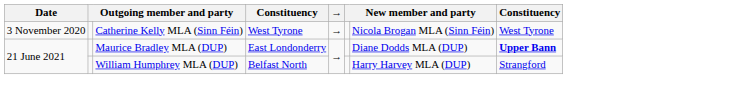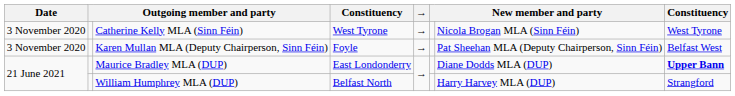 <table class="wikitable">
 <tr>
 <th valign="top">Date</th>
 <th colspan="2" valign="top">Outgoing member and party</th>
 <th valign="top">Constituency</th>
 <th>→</th>
 <th colspan="2" valign="top">New member and party</th>
 <th valign="top">Constituency</th>
 </tr>
 <tr>
 <td>3 November 2020</td>
 <td></td>
 <td><a href='#'>Catherine Kelly</a> MLA (<a href='#'>Sinn Féin</a>)</td>
 <td><a href='#'>West Tyrone</a></td>
 <td>→</td>
 <td></td>
 <td><a href='#'>Nicola Brogan</a> MLA (<a href='#'>Sinn Féin</a>)</td>
 <td><a href='#'>West Tyrone</a></td>
 </tr>
 <tr>
+<td>3 November 2020</td>
+<td></td>
+<td><a href='#'>Karen Mullan</a> MLA (Deputy Chairperson, <a href='#'>Sinn Féin</a>)</td>
+<td><a href='#'>Foyle</a></td>
+<td>→</td>
+<td></td>
+<td><a href='#'>Pat Sheehan</a> MLA (Deputy Chairperson, <a href='#'>Sinn Féin</a>)</td>
+<td><a href='#'>Belfast West</a></td>
+</tr>
+<tr>
 <td rowspan=2>21 June 2021</td>
 <td></td>
 <td><a href='#'>Maurice Bradley</a> MLA (<a href='#'>DUP</a>)</td>
 <td><a href='#'>East Londonderry</a></td>
 <td rowspan=2>→</td>
 <td></td>
 <td><a href='#'>Diane Dodds</a> MLA (<a href='#'>DUP</a>)</td>
 <td><strong><a href='#'>Upper Bann</a></strong></td>
 </tr>
 <tr>
 <td></td>
 <td><a href='#'>William Humphrey</a> MLA (<a href='#'>DUP</a>)</td>
 <td><a href='#'>Belfast North</a></td>
 <td></td>
 <td><a href='#'>Harry Harvey</a> MLA (<a href='#'>DUP</a>)</td>
 <td><a href='#'>Strangford</a></td>
 </tr>
 </table>
